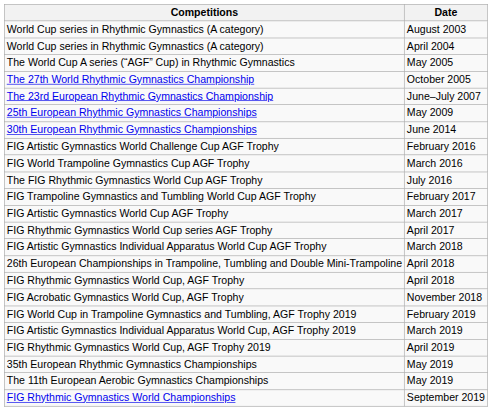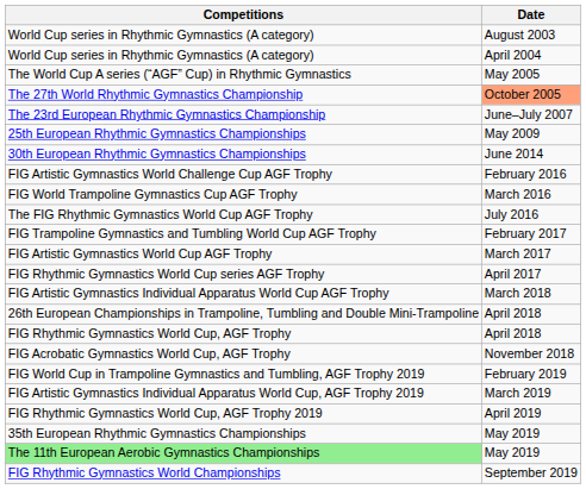 <table class="wikitable">
 <tr>
 <th>Competitions</th>
 <th>Date</th>
 </tr>
 <tr>
 <td>World Cup series in Rhythmic Gymnastics (A category)</td>
 <td>August 2003</td>
 </tr>
 <tr>
 <td>World Cup series in Rhythmic Gymnastics (A category)</td>
 <td>April 2004</td>
 </tr>
 <tr>
 <td>The World Cup A series (“AGF” Cup) in Rhythmic  Gymnastics</td>
 <td>May 2005</td>
 </tr>
 <tr>
 <td><a href='#'>The 27th World Rhythmic Gymnastics Championship</a></td>
-<td>October 2005</td>
+<td style="background: lightsalmon;">October 2005</td>
 </tr>
 <tr>
 <td><a href='#'>The 23rd European Rhythmic Gymnastics Championship</a></td>
 <td>June–July 2007</td>
 </tr>
 <tr>
 <td><a href='#'>25th European Rhythmic Gymnastics Championships</a></td>
 <td>May 2009</td>
 </tr>
 <tr>
 <td><a href='#'>30th European Rhythmic Gymnastics Championships</a></td>
 <td>June 2014</td>
 </tr>
 <tr>
 <td>FIG Artistic Gymnastics World Challenge Cup AGF Trophy</td>
 <td>February 2016</td>
 </tr>
 <tr>
 <td>FIG World Trampoline Gymnastics Cup AGF Trophy</td>
 <td>March 2016</td>
 </tr>
 <tr>
 <td>The FIG Rhythmic Gymnastics World Cup AGF Trophy</td>
 <td>July 2016</td>
 </tr>
 <tr>
 <td>FIG Trampoline  Gymnastics and Tumbling World Cup AGF Trophy</td>
 <td>February 2017</td>
 </tr>
 <tr>
 <td>FIG Artistic  Gymnastics World Cup AGF Trophy</td>
 <td>March 2017</td>
 </tr>
 <tr>
 <td>FIG Rhythmic  Gymnastics World Cup series AGF Trophy</td>
 <td>April 2017</td>
 </tr>
 <tr>
 <td>FIG Artistic Gymnastics Individual Apparatus World Cup AGF Trophy</td>
 <td>March 2018</td>
 </tr>
 <tr>
 <td>26th European Championships in Trampoline, Tumbling and Double Mini-Trampoline</td>
 <td>April 2018</td>
 </tr>
 <tr>
 <td>FIG Rhythmic Gymnastics World Cup, AGF Trophy</td>
 <td>April 2018</td>
 </tr>
 <tr>
 <td>FIG Acrobatic Gymnastics World Cup, AGF Trophy</td>
 <td>November 2018</td>
 </tr>
 <tr>
 <td>FIG World Cup in Trampoline Gymnastics and Tumbling, AGF Trophy 2019</td>
 <td>February 2019</td>
 </tr>
 <tr>
 <td>FIG Artistic Gymnastics Individual Apparatus World Cup, AGF Trophy 2019</td>
 <td>March 2019</td>
 </tr>
 <tr>
 <td>FIG Rhythmic Gymnastics World Cup, AGF Trophy 2019</td>
 <td>April 2019</td>
 </tr>
 <tr>
 <td>35th European Rhythmic Gymnastics Championships</td>
 <td>May 2019</td>
 </tr>
 <tr>
-<td>The 11th European Aerobic Gymnastics Championships</td>
+<td style="background: lightgreen;">The 11th European Aerobic Gymnastics Championships</td>
 <td>May 2019</td>
 </tr>
 <tr>
 <td><a href='#'>FIG Rhythmic Gymnastics World Championships</a></td>
 <td>September 2019</td>
 </tr>
 </table>
